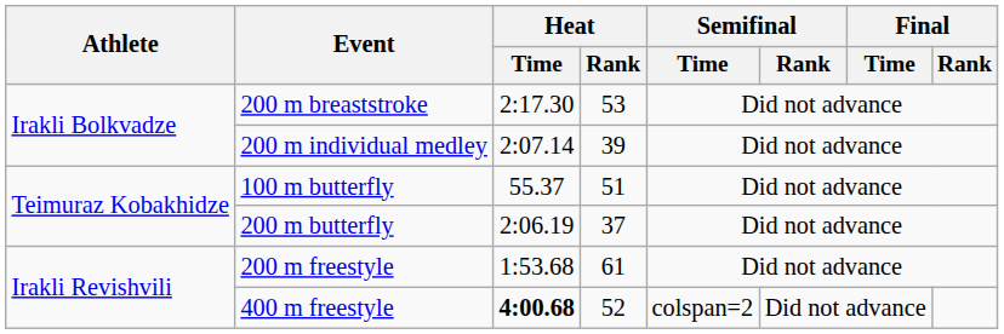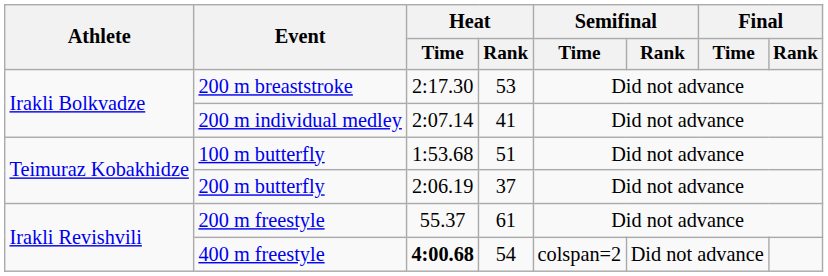 <table class=wikitable style="font-size:90%">
 <tr>
 <th rowspan="2">Athlete</th>
 <th rowspan="2">Event</th>
 <th colspan="2">Heat</th>
 <th colspan="2">Semifinal</th>
 <th colspan="2">Final</th>
 </tr>
 <tr style="font-size:95%">
 <th>Time</th>
 <th>Rank</th>
 <th>Time</th>
 <th>Rank</th>
 <th>Time</th>
 <th>Rank</th>
 </tr>
 <tr align=center>
 <td align=left rowspan=2><a href='#'>Irakli Bolkvadze</a></td>
 <td align=left><a href='#'>200 m breaststroke</a></td>
 <td>2:17.30</td>
 <td>53</td>
 <td colspan=4>Did not advance</td>
 </tr>
 <tr align=center>
 <td align=left><a href='#'>200 m individual medley</a></td>
 <td>2:07.14</td>
-<td>39</td>
+<td>41</td>
 <td colspan=4>Did not advance</td>
 </tr>
 <tr align=center>
 <td align=left rowspan=2><a href='#'>Teimuraz Kobakhidze</a></td>
 <td align=left><a href='#'>100 m butterfly</a></td>
-<td>55.37</td>
+<td>1:53.68</td>
 <td>51</td>
 <td colspan=4>Did not advance</td>
 </tr>
 <tr align=center>
 <td align=left><a href='#'>200 m butterfly</a></td>
 <td>2:06.19</td>
 <td>37</td>
 <td colspan=4>Did not advance</td>
 </tr>
 <tr align=center>
 <td align=left rowspan=2><a href='#'>Irakli Revishvili</a></td>
 <td align=left><a href='#'>200 m freestyle</a></td>
-<td>1:53.68</td>
+<td>55.37</td>
 <td>61</td>
 <td colspan=4>Did not advance</td>
 </tr>
 <tr align=center>
 <td align=left><a href='#'>400 m freestyle</a></td>
 <td><strong>4:00.68</strong></td>
-<td>52</td>
+<td>54</td>
 <td>colspan=2 </td>
 <td colspan=2>Did not advance</td>
 </tr>
 </table>
